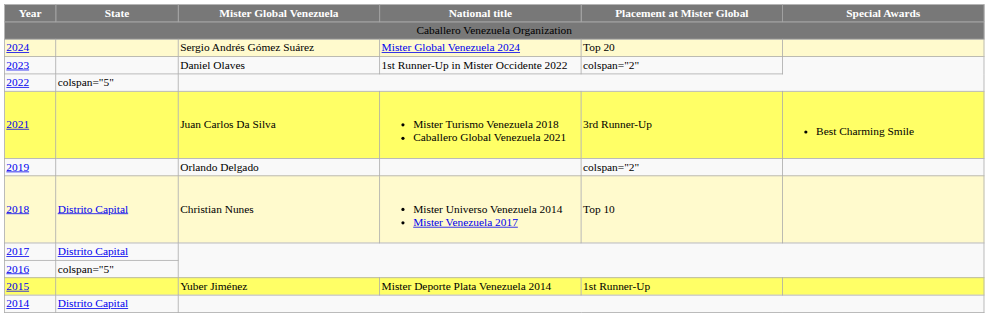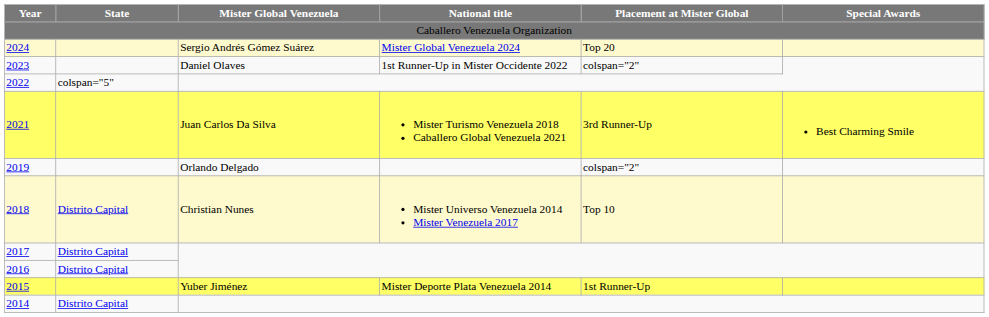 <table class="sortable" border="5" cellpadding="2" cellspacing="0" align=" 0 1em 0 0" style="background: #f9f9f9; border: 1px #aaa solid; border-collapse: collapse; font-size: 90%">
 <tr>
 <th width="60" style="background-color:#787878;color:#FFFFFF;">Year</th>
 <th width="150" style="background-color:#787878;color:#FFFFFF;">State</th>
 <th width="250" style="background-color:#787878;color:#FFFFFF;">Mister Global Venezuela</th>
 <th width="250" style="background-color:#787878;color:#FFFFFF;">National title</th>
 <th width="250" style="background-color:#787878;color:#FFFFFF;">Placement at Mister Global</th>
 <th width="250" style="background-color:#787878;color:#FFFFFF;">Special Awards</th>
 </tr>
 <tr bgcolor="#787878" align="center">
 <td colspan="6"><span>Caballero Venezuela Organization</span></td>
 </tr>
 <tr bgcolor="#FFFACD">
 <td><a href='#'>2024</a></td>
 <td></td>
 <td>Sergio Andrés Gómez Suárez</td>
 <td><a href='#'>Mister Global Venezuela 2024</a></td>
 <td>Top 20</td>
 <td></td>
 </tr>
 <tr>
 <td><a href='#'>2023</a></td>
 <td></td>
 <td>Daniel Olaves</td>
 <td>1st Runner-Up in Mister Occidente 2022</td>
 <td>colspan="2" </td>
 </tr>
 <tr>
 <td><a href='#'>2022</a></td>
 <td>colspan="5" </td>
 </tr>
 <tr bgcolor="#FFFF66">
 <td><a href='#'>2021</a></td>
 <td></td>
 <td>Juan Carlos Da Silva</td>
 <td><br><ul><li>Mister Turismo Venezuela 2018</li><li>Caballero Global Venezuela 2021</li></ul></td>
 <td>3rd Runner-Up</td>
 <td><br><ul><li>Best Charming Smile</li></ul></td>
 </tr>
 <tr>
 <td><a href='#'>2019</a></td>
 <td></td>
 <td>Orlando Delgado</td>
 <td></td>
 <td>colspan="2" </td>
 </tr>
 <tr bgcolor="#FFFACD">
 <td><a href='#'>2018</a></td>
 <td> <a href='#'>Distrito Capital</a></td>
 <td>Christian Nunes</td>
 <td><br><ul><li>Mister Universo Venezuela 2014</li><li><a href='#'>Mister Venezuela 2017</a></li></ul></td>
 <td>Top 10</td>
 <td></td>
 </tr>
 <tr>
 <td><a href='#'>2017</a></td>
 <td> <a href='#'>Distrito Capital</a></td>
 </tr>
 <tr>
 <td><a href='#'>2016</a></td>
-<td>colspan="5" </td>
+<td> <a href='#'>Distrito Capital</a></td>
 </tr>
 <tr bgcolor="#FFFF66">
 <td><a href='#'>2015</a></td>
 <td></td>
 <td>Yuber Jiménez</td>
 <td>Mister Deporte Plata Venezuela 2014</td>
 <td>1st Runner-Up</td>
 <td></td>
 </tr>
 <tr>
 <td><a href='#'>2014</a></td>
 <td> <a href='#'>Distrito Capital</a></td>
 </tr>
 </table>
